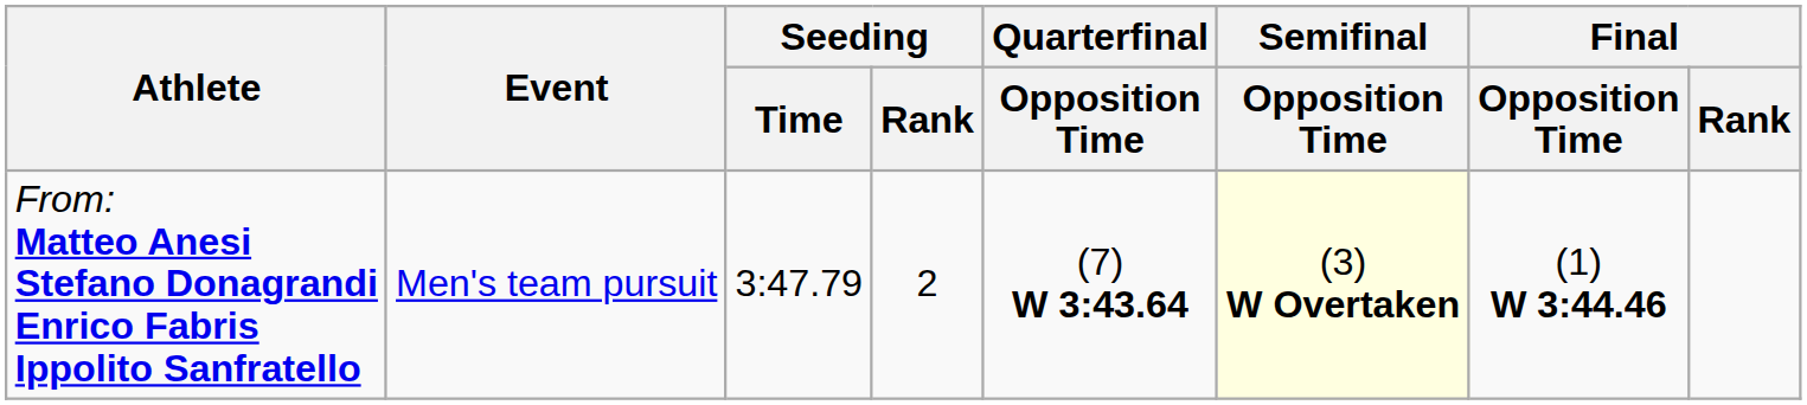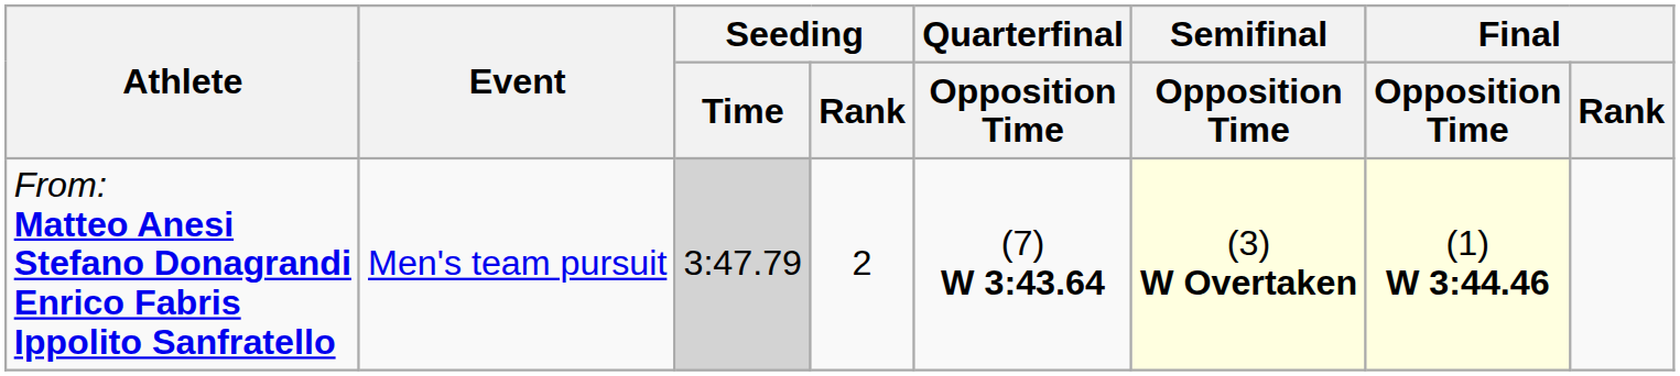 <table class="wikitable" style="font-size:90%">
 <tr>
 <th rowspan="2">Athlete</th>
 <th rowspan="2">Event</th>
 <th colspan="2">Seeding</th>
 <th>Quarterfinal</th>
 <th>Semifinal</th>
 <th colspan="2">Final</th>
 </tr>
 <tr>
 <th>Time</th>
 <th>Rank</th>
 <th>Opposition <br> Time</th>
 <th>Opposition <br> Time</th>
 <th>Opposition <br> Time</th>
 <th>Rank</th>
 </tr>
 <tr>
 <td><em>From:</em> <br> <strong><a href='#'>Matteo Anesi</a><br><a href='#'>Stefano Donagrandi</a><br><a href='#'>Enrico Fabris</a><br><a href='#'>Ippolito Sanfratello</a></strong></td>
 <td><a href='#'>Men's team pursuit</a></td>
-<td align="center">3:47.79</td>
+<td align="center" style="background: lightgrey;">3:47.79</td>
 <td align="center">2</td>
 <td align="center"> (7)<br><strong>W</strong> <strong>3:43.64</strong> </td>
 <td align="center" style="background: lightyellow;"> (3)<br><strong>W</strong> <strong>Overtaken</strong></td>
-<td align="center"> (1)<br><strong>W</strong> <strong>3:44.46</strong></td>
+<td align="center" style="background: lightyellow;"> (1)<br><strong>W</strong> <strong>3:44.46</strong></td>
 <td align="center"></td>
 </tr>
 </table>
